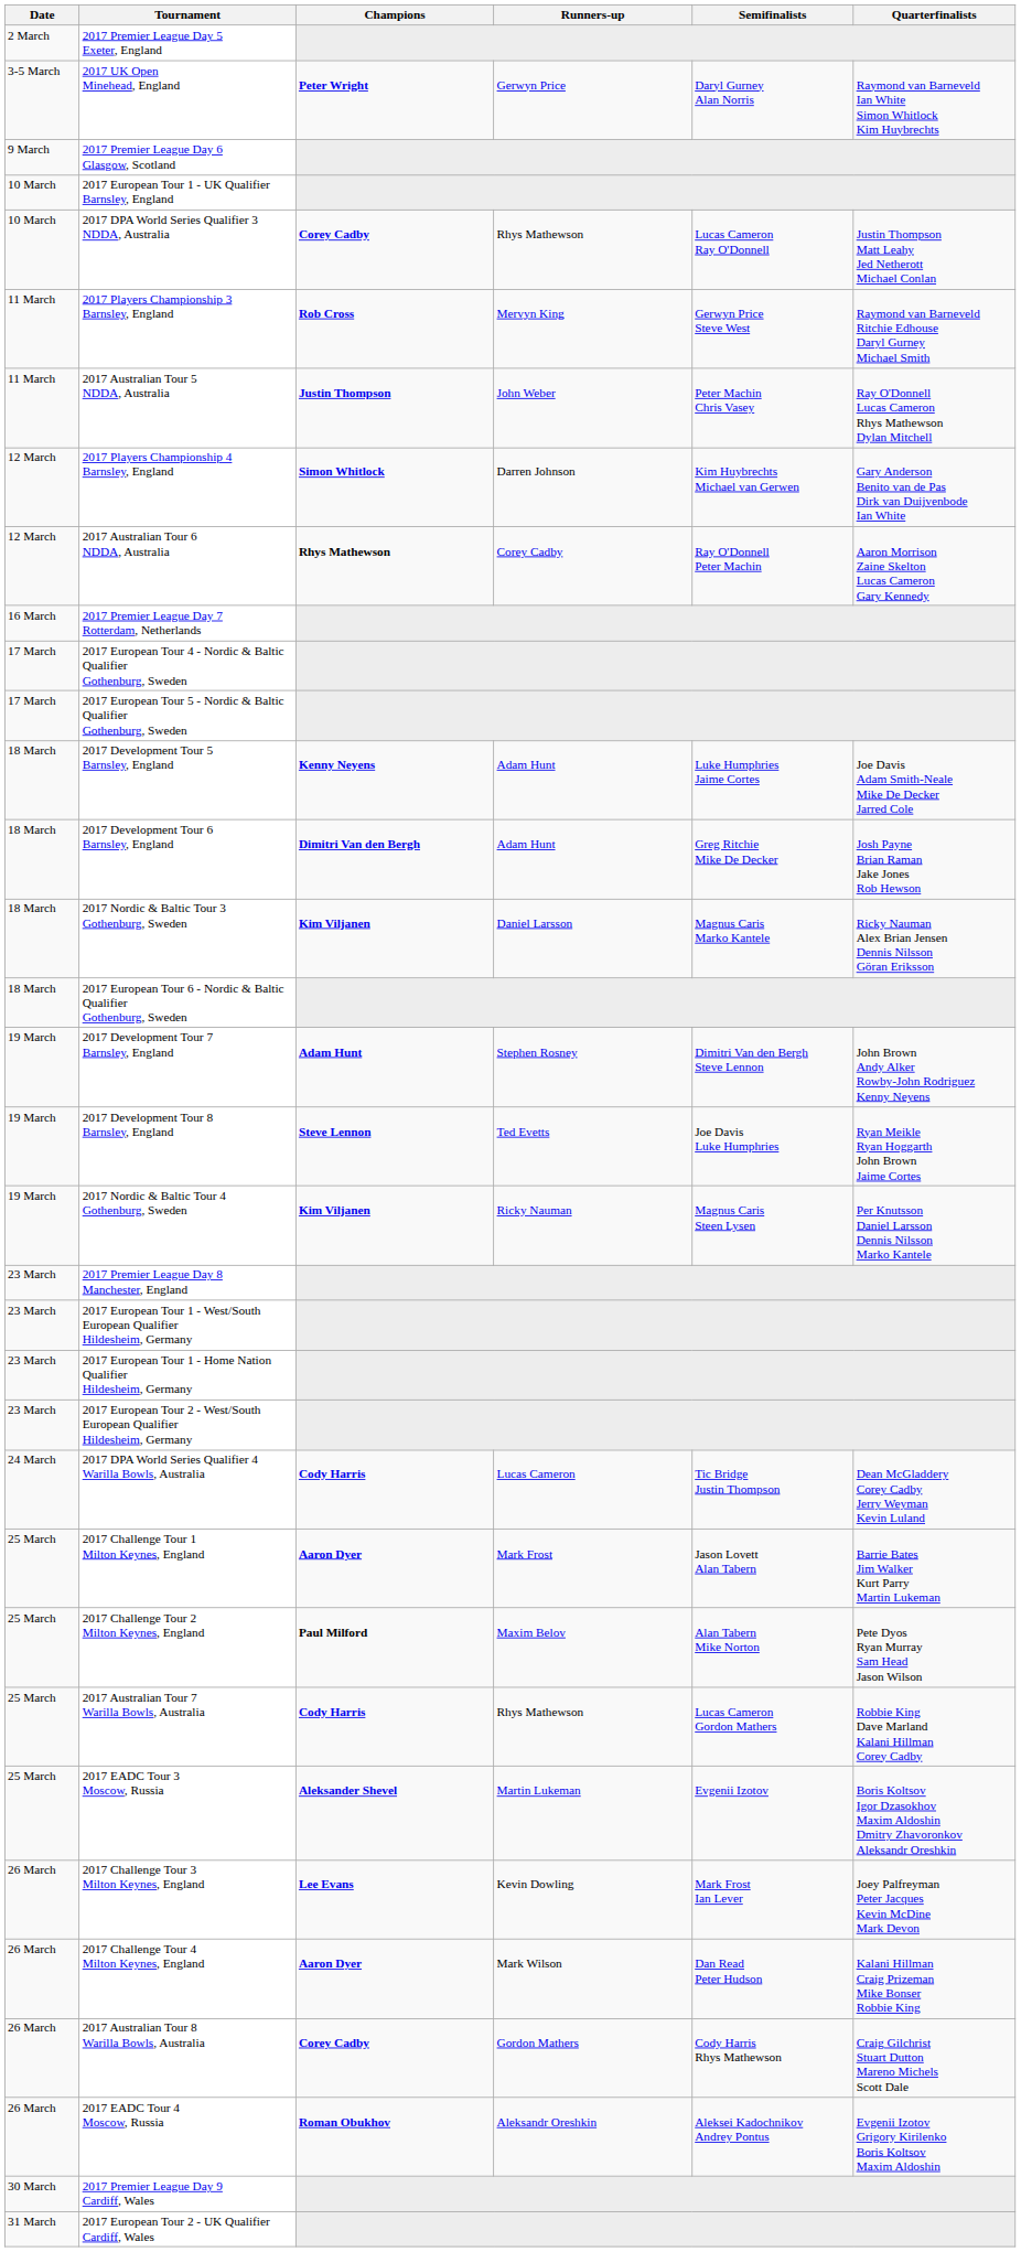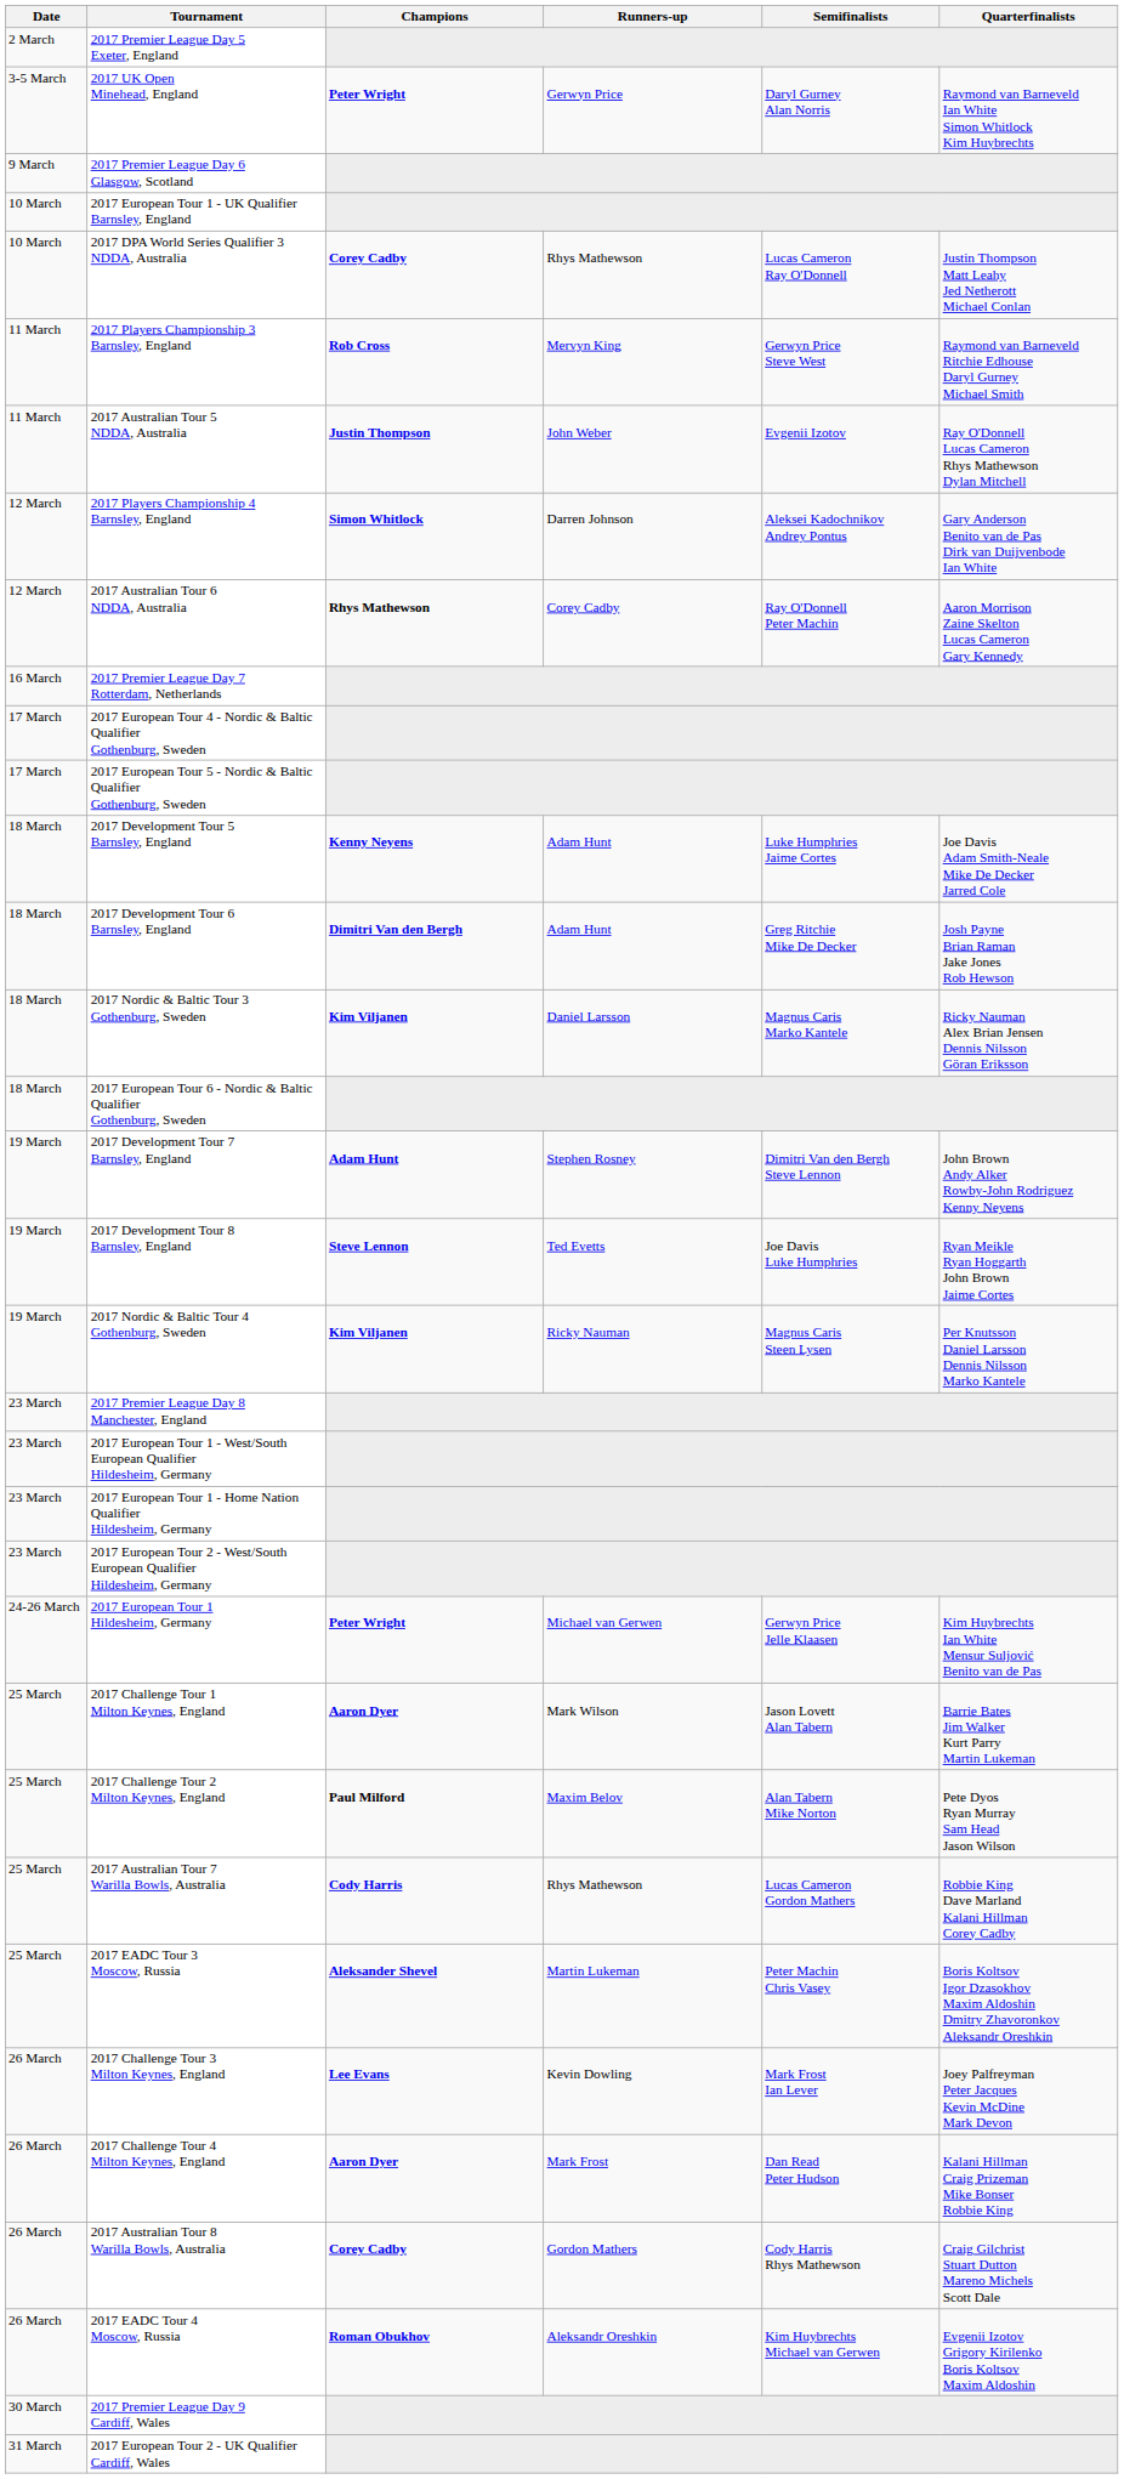 <table class=wikitable style=font-size:85%>
 <tr>
 <th width=75>Date</th>
 <th width=230>Tournament</th>
 <th width=210>Champions</th>
 <th width=210>Runners-up</th>
 <th width=170>Semifinalists</th>
 <th width=170>Quarterfinalists</th>
 </tr>
 <tr valign="top">
 <td>2 March</td>
 <td bgcolor="#ffffff"><a href='#'>2017 Premier League Day 5</a> <br> <a href='#'>Exeter</a>, England</td>
 <td colspan=4 bgcolor="#ededed"></td>
 </tr>
 <tr valign="top">
 <td>3-5 March</td>
 <td bgcolor="#ffffff"><a href='#'>2017 UK Open</a><br><a href='#'>Minehead</a>, England</td>
 <td><br> <strong><a href='#'>Peter Wright</a></strong></td>
 <td><br> <a href='#'>Gerwyn Price</a></td>
 <td><br> <a href='#'>Daryl Gurney</a> <br>  <a href='#'>Alan Norris</a></td>
 <td><br> <a href='#'>Raymond van Barneveld</a> <br>  <a href='#'>Ian White</a> <br>  <a href='#'>Simon Whitlock</a> <br>  <a href='#'>Kim Huybrechts</a></td>
 </tr>
 <tr valign="top">
 <td>9 March</td>
 <td bgcolor="#ffffff"><a href='#'>2017 Premier League Day 6</a> <br> <a href='#'>Glasgow</a>, Scotland</td>
 <td colspan=4 bgcolor="#ededed"></td>
 </tr>
 <tr valign="top">
 <td>10 March</td>
 <td bgcolor="#ffffff">2017 European Tour 1 - UK Qualifier <br> <a href='#'>Barnsley</a>, England</td>
 <td colspan=4 bgcolor="#ededed"></td>
 </tr>
 <tr valign="top">
 <td>10 March</td>
 <td bgcolor="#ffffff">2017 DPA World Series Qualifier 3<br><a href='#'>NDDA</a>, Australia</td>
 <td><br> <strong><a href='#'>Corey Cadby</a></strong></td>
 <td><br> Rhys Mathewson</td>
 <td><br> <a href='#'>Lucas Cameron</a> <br>  <a href='#'>Ray O'Donnell</a></td>
 <td><br> <a href='#'>Justin Thompson</a> <br>  <a href='#'>Matt Leahy</a> <br>  <a href='#'>Jed Netherott</a> <br>  <a href='#'>Michael Conlan</a></td>
 </tr>
 <tr valign="top">
 <td>11 March</td>
 <td bgcolor="#ffffff"><a href='#'>2017 Players Championship 3</a><br><a href='#'>Barnsley</a>, England</td>
 <td><br> <strong><a href='#'>Rob Cross</a></strong></td>
 <td><br> <a href='#'>Mervyn King</a></td>
 <td><br> <a href='#'>Gerwyn Price</a> <br>  <a href='#'>Steve West</a></td>
 <td><br> <a href='#'>Raymond van Barneveld</a> <br>  <a href='#'>Ritchie Edhouse</a> <br>  <a href='#'>Daryl Gurney</a> <br>  <a href='#'>Michael Smith</a></td>
 </tr>
 <tr valign="top">
 <td>11 March</td>
 <td bgcolor="#ffffff">2017 Australian Tour 5<br><a href='#'>NDDA</a>, Australia</td>
 <td><br> <strong><a href='#'>Justin Thompson</a></strong></td>
 <td><br> <a href='#'>John Weber</a></td>
-<td><br> <a href='#'>Peter Machin</a> <br>  <a href='#'>Chris Vasey</a></td>
+<td><br> <a href='#'>Evgenii Izotov</a></td>
 <td><br> <a href='#'>Ray O'Donnell</a> <br>  <a href='#'>Lucas Cameron</a> <br>  Rhys Mathewson <br>  <a href='#'>Dylan Mitchell</a></td>
 </tr>
 <tr valign="top">
 <td>12 March</td>
 <td bgcolor="#ffffff"><a href='#'>2017 Players Championship 4</a><br><a href='#'>Barnsley</a>, England</td>
 <td><br> <strong><a href='#'>Simon Whitlock</a></strong></td>
 <td><br> Darren Johnson</td>
-<td><br> <a href='#'>Kim Huybrechts</a> <br>  <a href='#'>Michael van Gerwen</a></td>
+<td><br> <a href='#'>Aleksei Kadochnikov</a> <br>  <a href='#'>Andrey Pontus</a></td>
 <td><br> <a href='#'>Gary Anderson</a> <br>  <a href='#'>Benito van de Pas</a> <br>  <a href='#'>Dirk van Duijvenbode</a> <br>  <a href='#'>Ian White</a></td>
 </tr>
 <tr valign="top">
 <td>12 March</td>
 <td bgcolor="#ffffff">2017 Australian Tour 6<br><a href='#'>NDDA</a>, Australia</td>
 <td><br> <strong>Rhys Mathewson</strong></td>
 <td><br> <a href='#'>Corey Cadby</a></td>
 <td><br> <a href='#'>Ray O'Donnell</a> <br>  <a href='#'>Peter Machin</a></td>
 <td><br> <a href='#'>Aaron Morrison</a> <br>  <a href='#'>Zaine Skelton</a> <br>  <a href='#'>Lucas Cameron</a> <br>  <a href='#'>Gary Kennedy</a></td>
 </tr>
 <tr valign="top">
 <td>16 March</td>
 <td bgcolor="#ffffff"><a href='#'>2017 Premier League Day 7</a> <br> <a href='#'>Rotterdam</a>, Netherlands</td>
 <td colspan=4 bgcolor="#ededed"></td>
 </tr>
 <tr valign="top">
 <td>17 March</td>
 <td bgcolor="#ffffff">2017 European Tour 4 - Nordic & Baltic Qualifier <br> <a href='#'>Gothenburg</a>, Sweden</td>
 <td colspan=4 bgcolor="#ededed"></td>
 </tr>
 <tr valign="top">
 <td>17 March</td>
 <td bgcolor="#ffffff">2017 European Tour 5 - Nordic & Baltic Qualifier <br> <a href='#'>Gothenburg</a>, Sweden</td>
 <td colspan=4 bgcolor="#ededed"></td>
 </tr>
 <tr valign="top">
 <td>18 March</td>
 <td bgcolor="#ffffff">2017 Development Tour 5<br><a href='#'>Barnsley</a>, England</td>
 <td><br> <strong><a href='#'>Kenny Neyens</a></strong></td>
 <td><br> <a href='#'>Adam Hunt</a></td>
 <td><br> <a href='#'>Luke Humphries</a> <br>  <a href='#'>Jaime Cortes</a></td>
 <td><br> Joe Davis <br>  <a href='#'>Adam Smith-Neale</a> <br>  <a href='#'>Mike De Decker</a> <br>  <a href='#'>Jarred Cole</a></td>
 </tr>
 <tr valign="top">
 <td>18 March</td>
 <td bgcolor="#ffffff">2017 Development Tour 6<br><a href='#'>Barnsley</a>, England</td>
 <td><br> <strong><a href='#'>Dimitri Van den Bergh</a></strong></td>
 <td><br> <a href='#'>Adam Hunt</a></td>
 <td><br> <a href='#'>Greg Ritchie</a> <br>  <a href='#'>Mike De Decker</a></td>
 <td><br> <a href='#'>Josh Payne</a> <br>  <a href='#'>Brian Raman</a> <br>  Jake Jones <br>  <a href='#'>Rob Hewson</a></td>
 </tr>
 <tr valign="top">
 <td>18 March</td>
 <td bgcolor="#ffffff">2017 Nordic & Baltic Tour 3<br><a href='#'>Gothenburg</a>, Sweden</td>
 <td><br> <strong><a href='#'>Kim Viljanen</a></strong></td>
 <td><br> <a href='#'>Daniel Larsson</a></td>
 <td><br> <a href='#'>Magnus Caris</a> <br>  <a href='#'>Marko Kantele</a></td>
 <td><br> <a href='#'>Ricky Nauman</a> <br>  Alex Brian Jensen <br>  <a href='#'>Dennis Nilsson</a> <br>  <a href='#'>Göran Eriksson</a></td>
 </tr>
 <tr valign="top">
 <td>18 March</td>
 <td bgcolor="#ffffff">2017 European Tour 6 - Nordic & Baltic Qualifier <br> <a href='#'>Gothenburg</a>, Sweden</td>
 <td colspan=4 bgcolor="#ededed"></td>
 </tr>
 <tr valign="top">
 <td>19 March</td>
 <td bgcolor="#ffffff">2017 Development Tour 7<br><a href='#'>Barnsley</a>, England</td>
 <td><br> <strong><a href='#'>Adam Hunt</a></strong></td>
 <td><br> <a href='#'>Stephen Rosney</a></td>
 <td><br> <a href='#'>Dimitri Van den Bergh</a> <br>  <a href='#'>Steve Lennon</a></td>
 <td><br> John Brown <br>  <a href='#'>Andy Alker</a> <br>  <a href='#'>Rowby-John Rodriguez</a> <br>  <a href='#'>Kenny Neyens</a></td>
 </tr>
 <tr valign="top">
 <td>19 March</td>
 <td bgcolor="#ffffff">2017 Development Tour 8<br><a href='#'>Barnsley</a>, England</td>
 <td><br> <strong><a href='#'>Steve Lennon</a></strong></td>
 <td><br> <a href='#'>Ted Evetts</a></td>
 <td><br> Joe Davis <br>  <a href='#'>Luke Humphries</a></td>
 <td><br> <a href='#'>Ryan Meikle</a> <br>  <a href='#'>Ryan Hoggarth</a> <br>  John Brown <br>  <a href='#'>Jaime Cortes</a></td>
 </tr>
 <tr valign="top">
 <td>19 March</td>
 <td bgcolor="#ffffff">2017 Nordic & Baltic Tour 4<br><a href='#'>Gothenburg</a>, Sweden</td>
 <td><br> <strong><a href='#'>Kim Viljanen</a></strong></td>
 <td><br> <a href='#'>Ricky Nauman</a></td>
 <td><br> <a href='#'>Magnus Caris</a> <br>  <a href='#'>Steen Lysen</a></td>
 <td><br> <a href='#'>Per Knutsson</a> <br>  <a href='#'>Daniel Larsson</a> <br>  <a href='#'>Dennis Nilsson</a> <br>  <a href='#'>Marko Kantele</a></td>
 </tr>
 <tr valign="top">
 <td>23 March</td>
 <td bgcolor="#ffffff"><a href='#'>2017 Premier League Day 8</a> <br> <a href='#'>Manchester</a>, England</td>
 <td colspan=4 bgcolor="#ededed"></td>
 </tr>
 <tr valign="top">
 <td>23 March</td>
 <td bgcolor="#ffffff">2017 European Tour 1 - West/South European Qualifier <br> <a href='#'>Hildesheim</a>, Germany</td>
 <td colspan=4 bgcolor="#ededed"></td>
 </tr>
 <tr valign="top">
 <td>23 March</td>
 <td bgcolor="#ffffff">2017 European Tour 1 - Home Nation Qualifier <br> <a href='#'>Hildesheim</a>, Germany</td>
 <td colspan=4 bgcolor="#ededed"></td>
 </tr>
 <tr valign="top">
 <td>23 March</td>
 <td bgcolor="#ffffff">2017 European Tour 2 - West/South European Qualifier <br> <a href='#'>Hildesheim</a>, Germany</td>
 <td colspan=4 bgcolor="#ededed"></td>
 </tr>
 <tr valign="top">
-<td>24 March</td>
-<td bgcolor="#ffffff">2017 DPA World Series Qualifier 4<br><a href='#'>Warilla Bowls</a>, Australia</td>
-<td><br> <strong><a href='#'>Cody Harris</a></strong></td>
-<td><br> <a href='#'>Lucas Cameron</a></td>
-<td><br> <a href='#'>Tic Bridge</a> <br>  <a href='#'>Justin Thompson</a></td>
-<td><br> <a href='#'>Dean McGladdery</a> <br>  <a href='#'>Corey Cadby</a> <br>  <a href='#'>Jerry Weyman</a> <br>  <a href='#'>Kevin Luland</a></td>
+<td>24-26 March</td>
+<td bgcolor="#ffffff"><a href='#'>2017 European Tour 1</a><br><a href='#'>Hildesheim</a>, Germany</td>
+<td><br> <strong><a href='#'>Peter Wright</a></strong></td>
+<td><br> <a href='#'>Michael van Gerwen</a></td>
+<td><br> <a href='#'>Gerwyn Price</a> <br>  <a href='#'>Jelle Klaasen</a></td>
+<td><br> <a href='#'>Kim Huybrechts</a> <br>  <a href='#'>Ian White</a> <br>  <a href='#'>Mensur Suljović</a> <br>  <a href='#'>Benito van de Pas</a></td>
 </tr>
 <tr valign="top">
 <td>25 March</td>
 <td bgcolor="#ffffff">2017 Challenge Tour 1<br><a href='#'>Milton Keynes</a>, England</td>
 <td><br> <strong><a href='#'>Aaron Dyer</a></strong></td>
-<td><br> <a href='#'>Mark Frost</a></td>
+<td><br> Mark Wilson</td>
 <td><br> Jason Lovett <br>  <a href='#'>Alan Tabern</a></td>
 <td><br> <a href='#'>Barrie Bates</a> <br>  <a href='#'>Jim Walker</a> <br>  Kurt Parry <br>  <a href='#'>Martin Lukeman</a></td>
 </tr>
 <tr valign="top">
 <td>25 March</td>
 <td bgcolor="#ffffff">2017 Challenge Tour 2<br><a href='#'>Milton Keynes</a>, England</td>
 <td><br> <strong>Paul Milford</strong></td>
 <td><br> <a href='#'>Maxim Belov</a></td>
 <td><br> <a href='#'>Alan Tabern</a> <br>  <a href='#'>Mike Norton</a></td>
 <td><br> Pete Dyos <br>  Ryan Murray <br>  <a href='#'>Sam Head</a> <br>  Jason Wilson</td>
 </tr>
 <tr valign="top">
 <td>25 March</td>
 <td bgcolor="#ffffff">2017 Australian Tour 7<br><a href='#'>Warilla Bowls</a>, Australia</td>
 <td><br> <strong><a href='#'>Cody Harris</a></strong></td>
 <td><br> Rhys Mathewson</td>
 <td><br> <a href='#'>Lucas Cameron</a> <br>  <a href='#'>Gordon Mathers</a></td>
 <td><br> <a href='#'>Robbie King</a> <br>  Dave Marland <br>  <a href='#'>Kalani Hillman</a> <br>  <a href='#'>Corey Cadby</a></td>
 </tr>
 <tr valign="top">
 <td>25 March</td>
 <td bgcolor="#ffffff">2017 EADC Tour 3<br><a href='#'>Moscow</a>, Russia</td>
 <td><br> <strong><a href='#'>Aleksander Shevel</a></strong></td>
 <td><br> <a href='#'>Martin Lukeman</a></td>
-<td><br> <a href='#'>Evgenii Izotov</a></td>
+<td><br> <a href='#'>Peter Machin</a> <br>  <a href='#'>Chris Vasey</a></td>
 <td><br> <a href='#'>Boris Koltsov</a> <br>  <a href='#'>Igor Dzasokhov</a> <br>  <a href='#'>Maxim Aldoshin</a> <br>  <a href='#'>Dmitry Zhavoronkov</a> <br>  <a href='#'>Aleksandr Oreshkin</a></td>
 </tr>
 <tr valign="top">
 <td>26 March</td>
 <td bgcolor="#ffffff">2017 Challenge Tour 3<br><a href='#'>Milton Keynes</a>, England</td>
 <td><br> <strong><a href='#'>Lee Evans</a></strong></td>
 <td><br> Kevin Dowling</td>
 <td><br> <a href='#'>Mark Frost</a> <br>  <a href='#'>Ian Lever</a></td>
 <td><br> Joey Palfreyman <br>  <a href='#'>Peter Jacques</a> <br>  <a href='#'>Kevin McDine</a> <br>  <a href='#'>Mark Devon</a></td>
 </tr>
 <tr valign="top">
 <td>26 March</td>
 <td bgcolor="#ffffff">2017 Challenge Tour 4<br><a href='#'>Milton Keynes</a>, England</td>
 <td><br> <strong><a href='#'>Aaron Dyer</a></strong></td>
-<td><br> Mark Wilson</td>
+<td><br> <a href='#'>Mark Frost</a></td>
 <td><br> <a href='#'>Dan Read</a> <br>  <a href='#'>Peter Hudson</a></td>
 <td><br> <a href='#'>Kalani Hillman</a> <br>  <a href='#'>Craig Prizeman</a> <br>  <a href='#'>Mike Bonser</a> <br>  <a href='#'>Robbie King</a></td>
 </tr>
 <tr valign="top">
 <td>26 March</td>
 <td bgcolor="#ffffff">2017 Australian Tour 8<br><a href='#'>Warilla Bowls</a>, Australia</td>
 <td><br> <strong><a href='#'>Corey Cadby</a></strong></td>
 <td><br> <a href='#'>Gordon Mathers</a></td>
 <td><br> <a href='#'>Cody Harris</a> <br>  Rhys Mathewson</td>
 <td><br> <a href='#'>Craig Gilchrist</a> <br>  <a href='#'>Stuart Dutton</a> <br>  <a href='#'>Mareno Michels</a> <br>  Scott Dale</td>
 </tr>
 <tr valign="top">
 <td>26 March</td>
 <td bgcolor="#ffffff">2017 EADC Tour 4<br><a href='#'>Moscow</a>, Russia</td>
 <td><br> <strong><a href='#'>Roman Obukhov</a></strong></td>
 <td><br> <a href='#'>Aleksandr Oreshkin</a></td>
-<td><br> <a href='#'>Aleksei Kadochnikov</a> <br>  <a href='#'>Andrey Pontus</a></td>
+<td><br> <a href='#'>Kim Huybrechts</a> <br>  <a href='#'>Michael van Gerwen</a></td>
 <td><br> <a href='#'>Evgenii Izotov</a> <br>  <a href='#'>Grigory Kirilenko</a> <br>  <a href='#'>Boris Koltsov</a> <br>  <a href='#'>Maxim Aldoshin</a></td>
 </tr>
 <tr valign="top">
 <td>30 March</td>
 <td bgcolor="#ffffff"><a href='#'>2017 Premier League Day 9</a> <br> <a href='#'>Cardiff</a>, Wales</td>
 <td colspan=4 bgcolor="#ededed"></td>
 </tr>
 <tr valign="top">
 <td>31 March</td>
 <td bgcolor="#ffffff">2017 European Tour 2 - UK Qualifier <br> <a href='#'>Cardiff</a>, Wales</td>
 <td colspan=4 bgcolor="#ededed"></td>
 </tr>
 </table>
